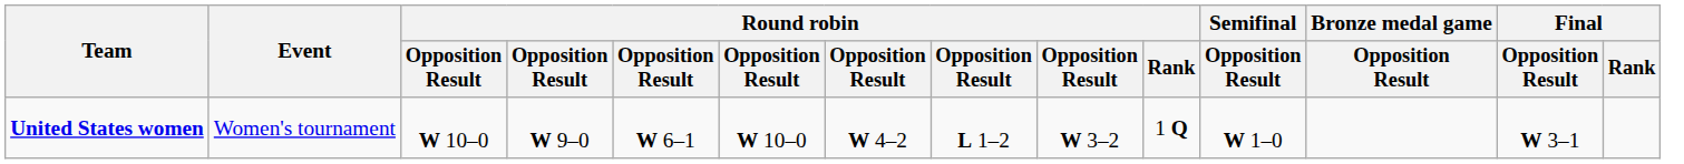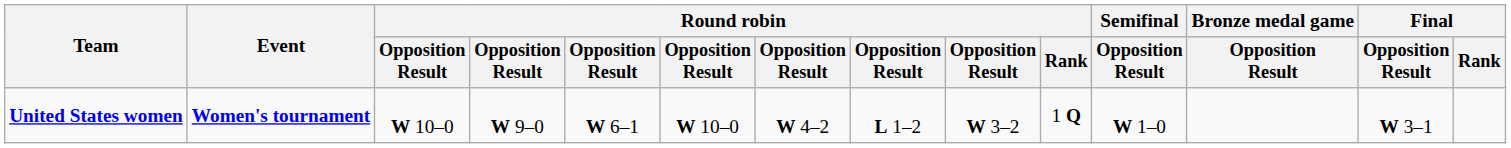 <table class=wikitable style=font-size:90%;text-align:center>
 <tr>
 <th rowspan=2>Team</th>
 <th rowspan=2>Event</th>
 <th colspan=8>Round robin</th>
 <th>Semifinal</th>
 <th>Bronze medal game</th>
 <th colspan=2>Final</th>
 </tr>
 <tr style=font-size:95%>
 <th>Opposition<br>Result</th>
 <th>Opposition<br>Result</th>
 <th>Opposition<br>Result</th>
 <th>Opposition<br>Result</th>
 <th>Opposition<br>Result</th>
 <th>Opposition<br>Result</th>
 <th>Opposition<br>Result</th>
 <th>Rank</th>
 <th>Opposition<br>Result</th>
 <th>Opposition<br>Result</th>
 <th>Opposition<br>Result</th>
 <th>Rank</th>
 </tr>
 <tr>
 <td align=left><strong><a href='#'>United States women</a></strong></td>
-<td align=left><a href='#'>Women's tournament</a></td>
+<td align=left><strong><a href='#'>Women's tournament</a></strong></td>
 <td><br><strong>W</strong> 10–0</td>
 <td><br><strong>W</strong> 9–0</td>
 <td><br><strong>W</strong> 6–1</td>
 <td><br><strong>W</strong> 10–0</td>
 <td><br><strong>W</strong> 4–2</td>
 <td><br><strong>L</strong> 1–2</td>
 <td><br><strong>W</strong> 3–2</td>
 <td>1 <strong>Q</strong></td>
 <td><br><strong>W</strong> 1–0</td>
 <td></td>
 <td><br><strong>W</strong> 3–1</td>
 <td></td>
 </tr>
 </table>
